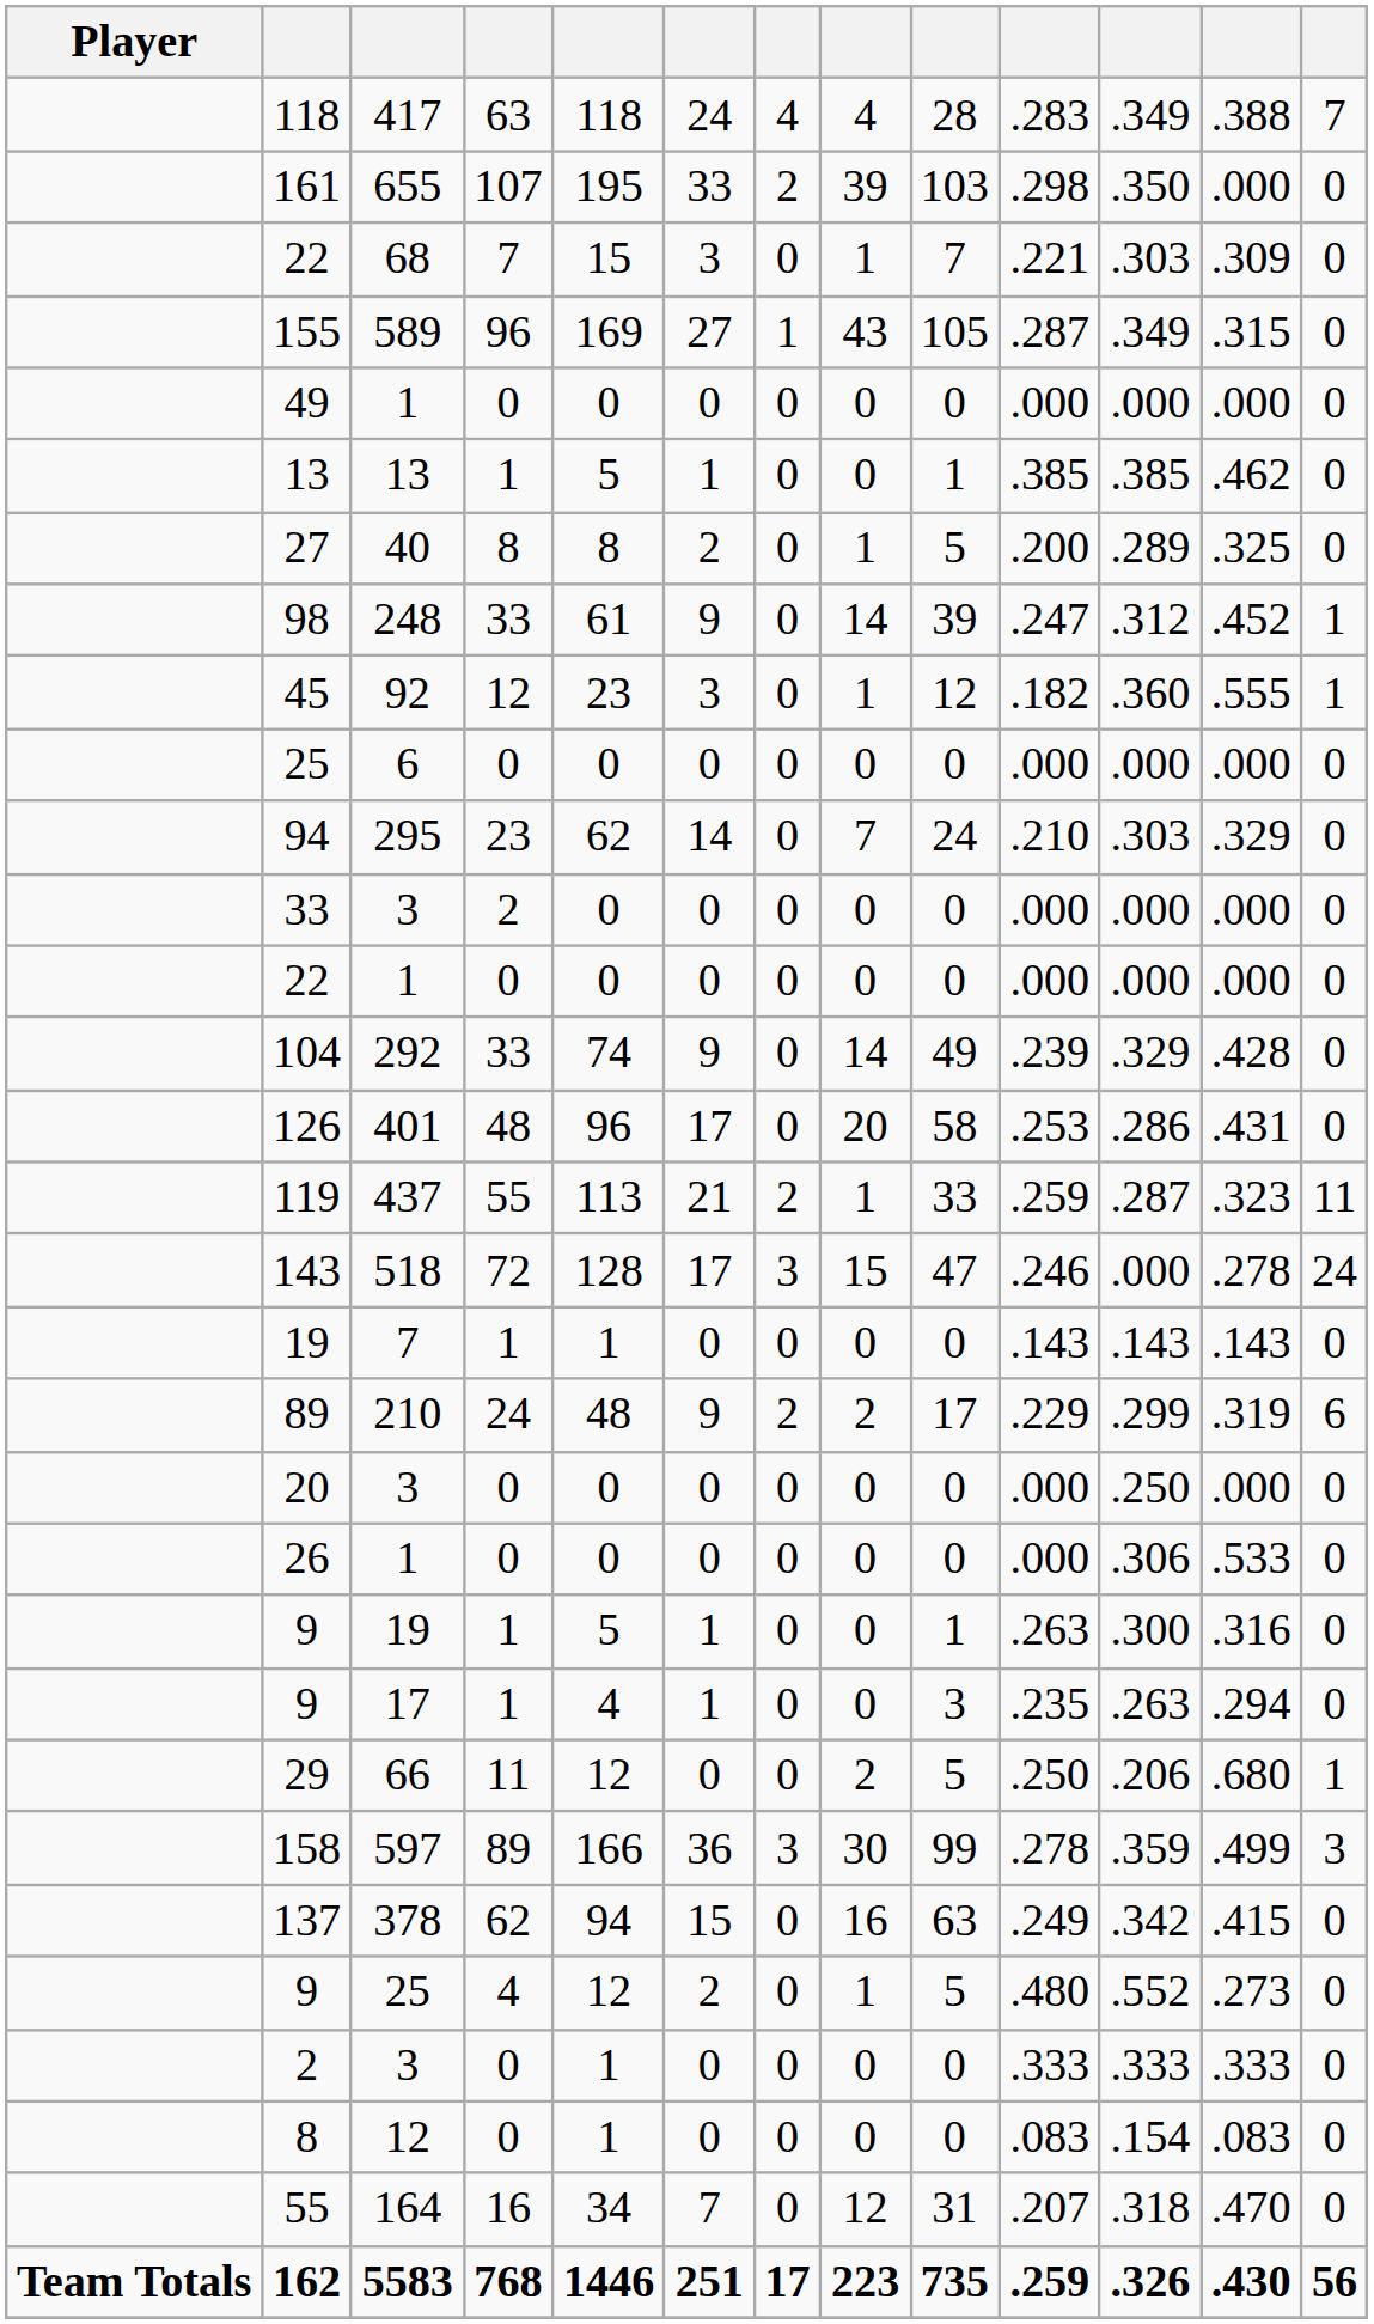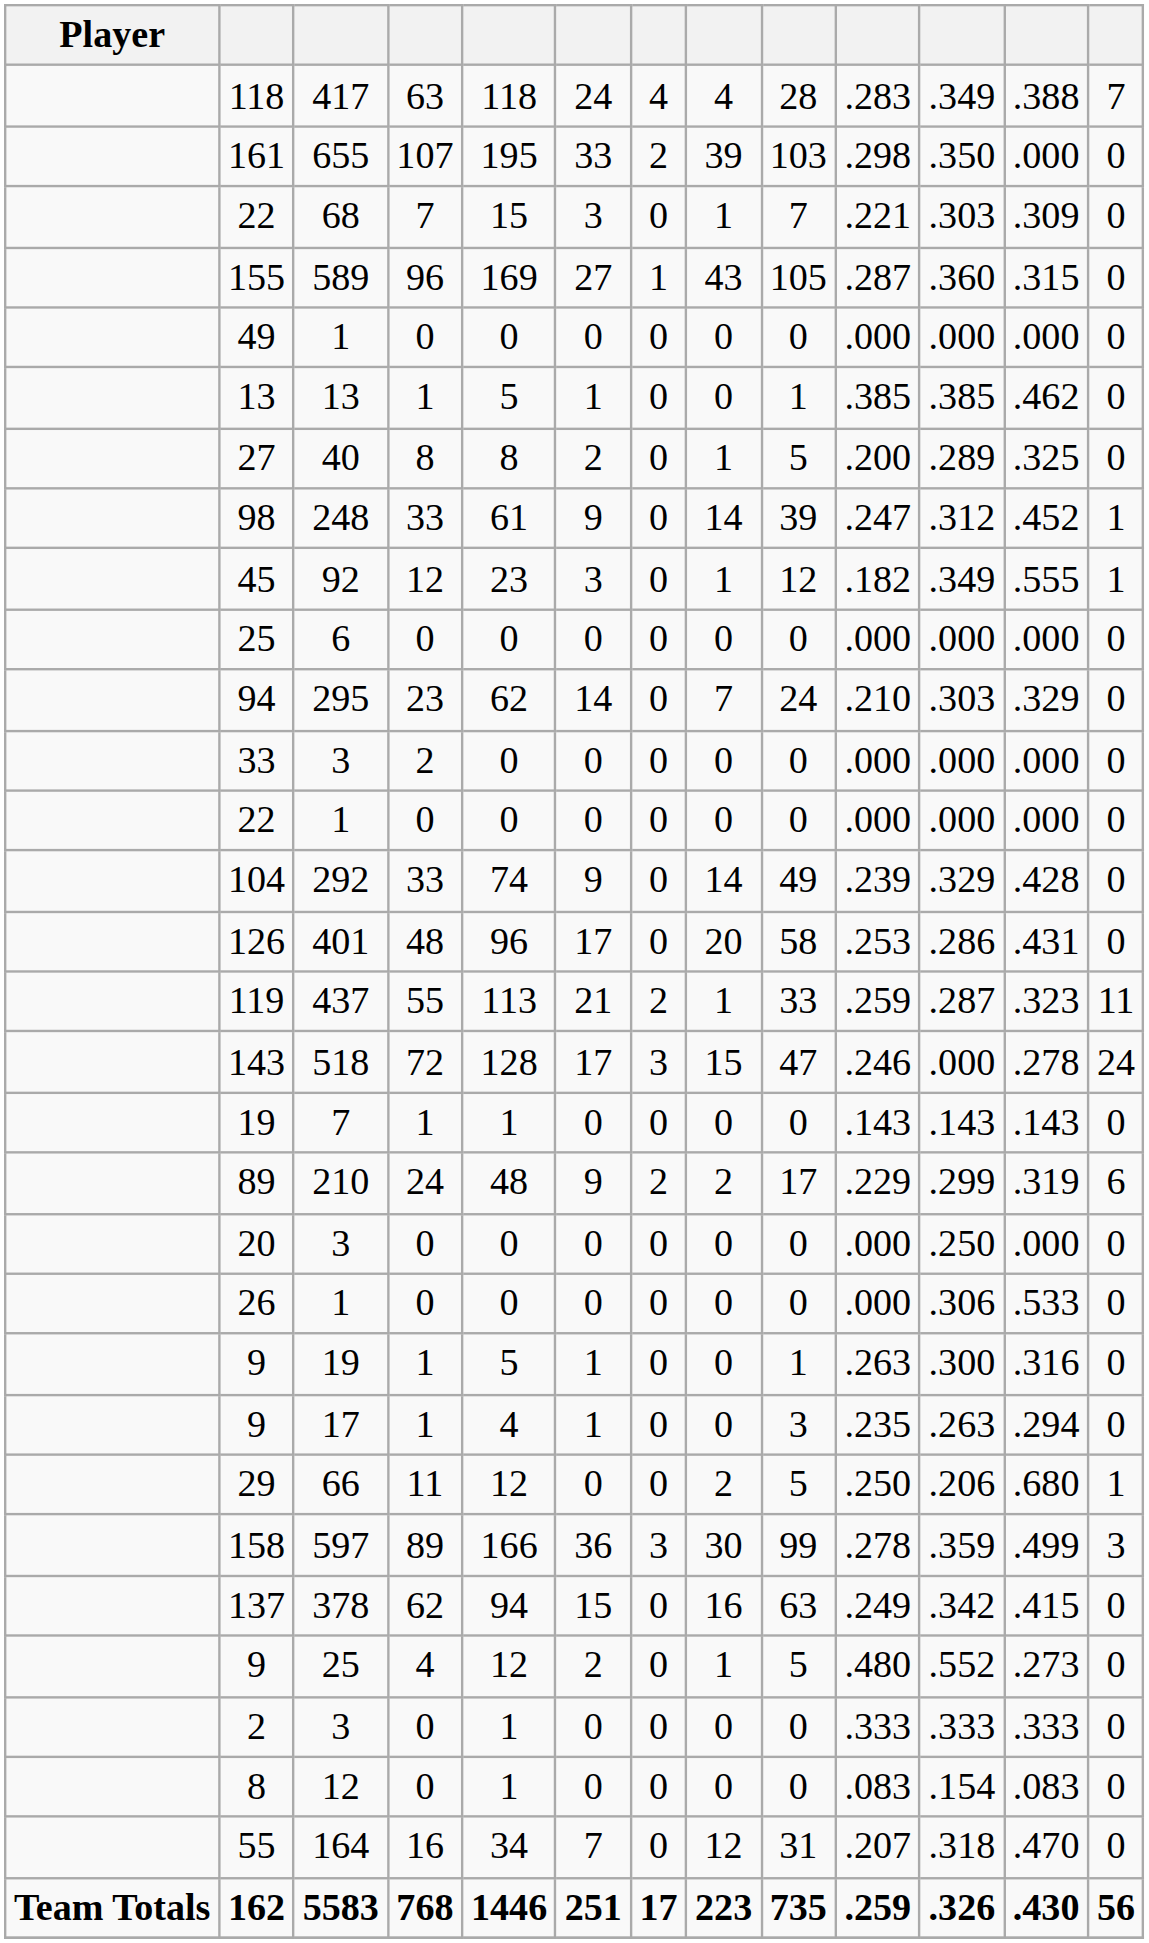 <table class="wikitable sortable" style="text-align:center;">
 <tr>
 <th>Player</th>
 <th></th>
 <th></th>
 <th></th>
 <th></th>
 <th></th>
 <th></th>
 <th></th>
 <th></th>
 <th></th>
 <th></th>
 <th></th>
 <th></th>
 </tr>
 <tr>
 <td align=left><strong></strong></td>
 <td>118</td>
 <td>417</td>
 <td>63</td>
 <td>118</td>
 <td>24</td>
 <td>4</td>
 <td>4</td>
 <td>28</td>
 <td>.283</td>
 <td>.349</td>
 <td>.388</td>
 <td>7</td>
 </tr>
 <tr>
 <td align=left><strong></strong></td>
 <td>161</td>
 <td>655</td>
 <td>107</td>
 <td>195</td>
 <td>33</td>
 <td>2</td>
 <td>39</td>
 <td>103</td>
 <td>.298</td>
 <td>.350</td>
 <td>.000</td>
 <td>0</td>
 </tr>
 <tr>
 <td align=left></td>
 <td>22</td>
 <td>68</td>
 <td>7</td>
 <td>15</td>
 <td>3</td>
 <td>0</td>
 <td>1</td>
 <td>7</td>
 <td>.221</td>
 <td>.303</td>
 <td>.309</td>
 <td>0</td>
 </tr>
 <tr>
 <td align=left><strong></strong></td>
 <td>155</td>
 <td>589</td>
 <td>96</td>
 <td>169</td>
 <td>27</td>
 <td>1</td>
 <td>43</td>
 <td>105</td>
 <td>.287</td>
-<td>.349</td>
+<td>.360</td>
 <td>.315</td>
 <td>0</td>
 </tr>
 <tr>
 <td align=left><strong></strong></td>
 <td>49</td>
 <td>1</td>
 <td>0</td>
 <td>0</td>
 <td>0</td>
 <td>0</td>
 <td>0</td>
 <td>0</td>
 <td>.000</td>
 <td>.000</td>
 <td>.000</td>
 <td>0</td>
 </tr>
 <tr>
 <td align=left><strong></strong></td>
 <td>13</td>
 <td>13</td>
 <td>1</td>
 <td>5</td>
 <td>1</td>
 <td>0</td>
 <td>0</td>
 <td>1</td>
 <td>.385</td>
 <td>.385</td>
 <td>.462</td>
 <td>0</td>
 </tr>
 <tr>
 <td align=left><strong></strong></td>
 <td>27</td>
 <td>40</td>
 <td>8</td>
 <td>8</td>
 <td>2</td>
 <td>0</td>
 <td>1</td>
 <td>5</td>
 <td>.200</td>
 <td>.289</td>
 <td>.325</td>
 <td>0</td>
 </tr>
 <tr>
 <td align=left><strong></strong></td>
 <td>98</td>
 <td>248</td>
 <td>33</td>
 <td>61</td>
 <td>9</td>
 <td>0</td>
 <td>14</td>
 <td>39</td>
 <td>.247</td>
 <td>.312</td>
 <td>.452</td>
 <td>1</td>
 </tr>
 <tr>
 <td align=left><strong></strong></td>
 <td>45</td>
 <td>92</td>
 <td>12</td>
 <td>23</td>
 <td>3</td>
 <td>0</td>
 <td>1</td>
 <td>12</td>
 <td>.182</td>
-<td>.360</td>
+<td>.349</td>
 <td>.555</td>
 <td>1</td>
 </tr>
 <tr>
 <td align=left><strong></strong></td>
 <td>25</td>
 <td>6</td>
 <td>0</td>
 <td>0</td>
 <td>0</td>
 <td>0</td>
 <td>0</td>
 <td>0</td>
 <td>.000</td>
 <td>.000</td>
 <td>.000</td>
 <td>0</td>
 </tr>
 <tr>
 <td align=left><strong></strong></td>
 <td>94</td>
 <td>295</td>
 <td>23</td>
 <td>62</td>
 <td>14</td>
 <td>0</td>
 <td>7</td>
 <td>24</td>
 <td>.210</td>
 <td>.303</td>
 <td>.329</td>
 <td>0</td>
 </tr>
 <tr>
 <td align=left><strong></strong></td>
 <td>33</td>
 <td>3</td>
 <td>2</td>
 <td>0</td>
 <td>0</td>
 <td>0</td>
 <td>0</td>
 <td>0</td>
 <td>.000</td>
 <td>.000</td>
 <td>.000</td>
 <td>0</td>
 </tr>
 <tr>
 <td align=left></td>
 <td>22</td>
 <td>1</td>
 <td>0</td>
 <td>0</td>
 <td>0</td>
 <td>0</td>
 <td>0</td>
 <td>0</td>
 <td>.000</td>
 <td>.000</td>
 <td>.000</td>
 <td>0</td>
 </tr>
 <tr>
 <td align=left><strong></strong></td>
 <td>104</td>
 <td>292</td>
 <td>33</td>
 <td>74</td>
 <td>9</td>
 <td>0</td>
 <td>14</td>
 <td>49</td>
 <td>.239</td>
 <td>.329</td>
 <td>.428</td>
 <td>0</td>
 </tr>
 <tr>
 <td align=left><strong></strong></td>
 <td>126</td>
 <td>401</td>
 <td>48</td>
 <td>96</td>
 <td>17</td>
 <td>0</td>
 <td>20</td>
 <td>58</td>
 <td>.253</td>
 <td>.286</td>
 <td>.431</td>
 <td>0</td>
 </tr>
 <tr>
 <td align=left><strong></strong></td>
 <td>119</td>
 <td>437</td>
 <td>55</td>
 <td>113</td>
 <td>21</td>
 <td>2</td>
 <td>1</td>
 <td>33</td>
 <td>.259</td>
 <td>.287</td>
 <td>.323</td>
 <td>11</td>
 </tr>
 <tr>
 <td align=left><strong></strong></td>
 <td>143</td>
 <td>518</td>
 <td>72</td>
 <td>128</td>
 <td>17</td>
 <td>3</td>
 <td>15</td>
 <td>47</td>
 <td>.246</td>
 <td>.000</td>
 <td>.278</td>
 <td>24</td>
 </tr>
 <tr>
 <td align=left></td>
 <td>19</td>
 <td>7</td>
 <td>1</td>
 <td>1</td>
 <td>0</td>
 <td>0</td>
 <td>0</td>
 <td>0</td>
 <td>.143</td>
 <td>.143</td>
 <td>.143</td>
 <td>0</td>
 </tr>
 <tr>
 <td align=left><strong></strong></td>
 <td>89</td>
 <td>210</td>
 <td>24</td>
 <td>48</td>
 <td>9</td>
 <td>2</td>
 <td>2</td>
 <td>17</td>
 <td>.229</td>
 <td>.299</td>
 <td>.319</td>
 <td>6</td>
 </tr>
 <tr>
 <td align=left><strong></strong></td>
 <td>20</td>
 <td>3</td>
 <td>0</td>
 <td>0</td>
 <td>0</td>
 <td>0</td>
 <td>0</td>
 <td>0</td>
 <td>.000</td>
 <td>.250</td>
 <td>.000</td>
 <td>0</td>
 </tr>
 <tr>
 <td align=left></td>
 <td>26</td>
 <td>1</td>
 <td>0</td>
 <td>0</td>
 <td>0</td>
 <td>0</td>
 <td>0</td>
 <td>0</td>
 <td>.000</td>
 <td>.306</td>
 <td>.533</td>
 <td>0</td>
 </tr>
 <tr>
 <td align=left></td>
 <td>9</td>
 <td>19</td>
 <td>1</td>
 <td>5</td>
 <td>1</td>
 <td>0</td>
 <td>0</td>
 <td>1</td>
 <td>.263</td>
 <td>.300</td>
 <td>.316</td>
 <td>0</td>
 </tr>
 <tr>
 <td align=left></td>
 <td>9</td>
 <td>17</td>
 <td>1</td>
 <td>4</td>
 <td>1</td>
 <td>0</td>
 <td>0</td>
 <td>3</td>
 <td>.235</td>
 <td>.263</td>
 <td>.294</td>
 <td>0</td>
 </tr>
 <tr>
 <td align=left></td>
 <td>29</td>
 <td>66</td>
 <td>11</td>
 <td>12</td>
 <td>0</td>
 <td>0</td>
 <td>2</td>
 <td>5</td>
 <td>.250</td>
 <td>.206</td>
 <td>.680</td>
 <td>1</td>
 </tr>
 <tr>
 <td align=left><strong></strong></td>
 <td>158</td>
 <td>597</td>
 <td>89</td>
 <td>166</td>
 <td>36</td>
 <td>3</td>
 <td>30</td>
 <td>99</td>
 <td>.278</td>
 <td>.359</td>
 <td>.499</td>
 <td>3</td>
 </tr>
 <tr>
 <td align=left><strong></strong></td>
 <td>137</td>
 <td>378</td>
 <td>62</td>
 <td>94</td>
 <td>15</td>
 <td>0</td>
 <td>16</td>
 <td>63</td>
 <td>.249</td>
 <td>.342</td>
 <td>.415</td>
 <td>0</td>
 </tr>
 <tr>
 <td align=left><strong></strong></td>
 <td>9</td>
 <td>25</td>
 <td>4</td>
 <td>12</td>
 <td>2</td>
 <td>0</td>
 <td>1</td>
 <td>5</td>
 <td>.480</td>
 <td>.552</td>
 <td>.273</td>
 <td>0</td>
 </tr>
 <tr>
 <td align=left></td>
 <td>2</td>
 <td>3</td>
 <td>0</td>
 <td>1</td>
 <td>0</td>
 <td>0</td>
 <td>0</td>
 <td>0</td>
 <td>.333</td>
 <td>.333</td>
 <td>.333</td>
 <td>0</td>
 </tr>
 <tr>
 <td align=left><strong></strong></td>
 <td>8</td>
 <td>12</td>
 <td>0</td>
 <td>1</td>
 <td>0</td>
 <td>0</td>
 <td>0</td>
 <td>0</td>
 <td>.083</td>
 <td>.154</td>
 <td>.083</td>
 <td>0</td>
 </tr>
 <tr>
 <td align=left><strong></strong></td>
 <td>55</td>
 <td>164</td>
 <td>16</td>
 <td>34</td>
 <td>7</td>
 <td>0</td>
 <td>12</td>
 <td>31</td>
 <td>.207</td>
 <td>.318</td>
 <td>.470</td>
 <td>0</td>
 </tr>
 <tr>
 <td align=left><strong>Team Totals</strong></td>
 <td><strong>162</strong></td>
 <td><strong>5583</strong></td>
 <td><strong>768</strong></td>
 <td><strong>1446</strong></td>
 <td><strong>251</strong></td>
 <td><strong>17</strong></td>
 <td><strong>223</strong></td>
 <td><strong>735</strong></td>
 <td><strong>.259</strong></td>
 <td><strong>.326</strong></td>
 <td><strong>.430</strong></td>
 <td><strong>56</strong></td>
 </tr>
 <tr class="sortbottom|}">
 </tr>
 </table>
